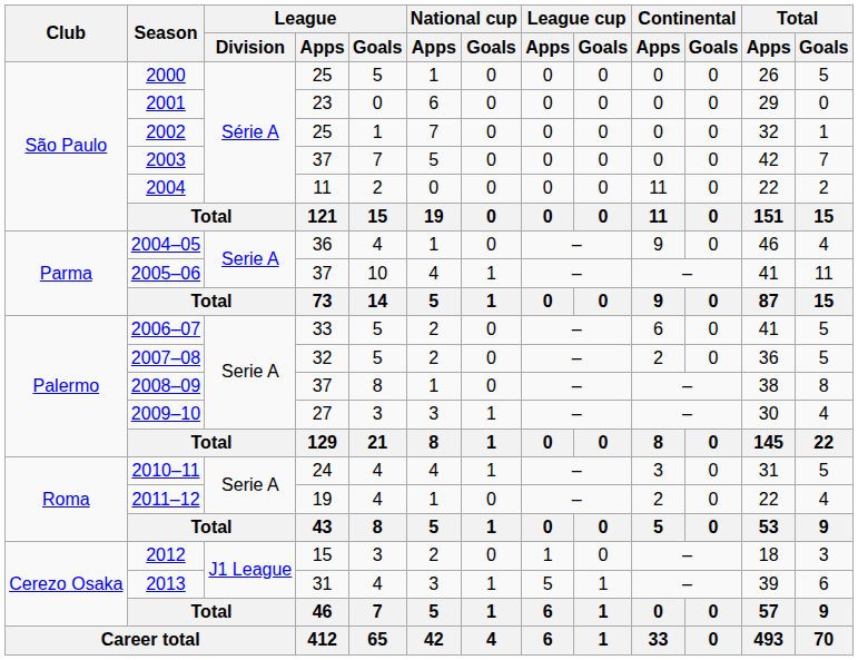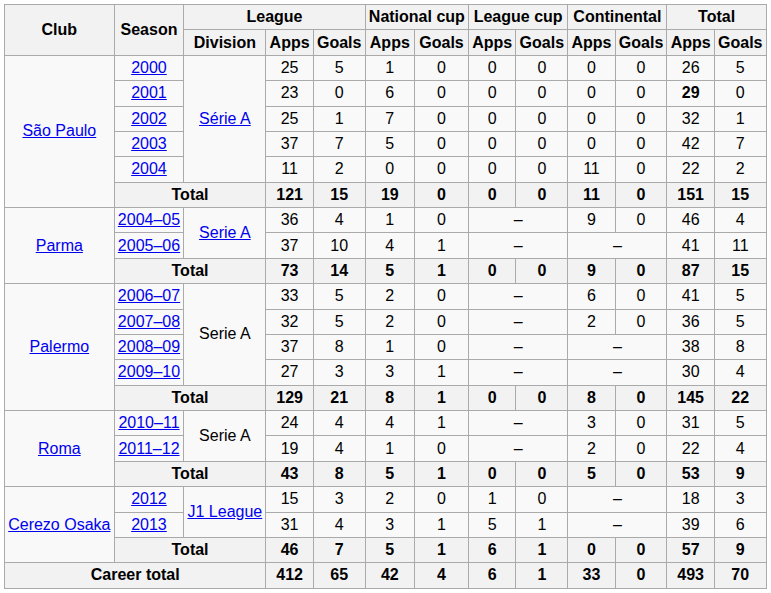 <table class="wikitable" style="text-align:center">
 <tr>
 <th rowspan="2">Club</th>
 <th rowspan="2">Season</th>
 <th colspan="3">League</th>
 <th colspan="2">National cup</th>
 <th colspan="2">League cup</th>
 <th colspan="2">Continental</th>
 <th colspan="2">Total</th>
 </tr>
 <tr>
 <th>Division</th>
 <th>Apps</th>
 <th>Goals</th>
 <th>Apps</th>
 <th>Goals</th>
 <th>Apps</th>
 <th>Goals</th>
 <th>Apps</th>
 <th>Goals</th>
 <th>Apps</th>
 <th>Goals</th>
 </tr>
 <tr>
 <td rowspan="6"><a href='#'>São Paulo</a></td>
 <td><a href='#'>2000</a></td>
 <td rowspan="5"><a href='#'>Série A</a></td>
 <td>25</td>
 <td>5</td>
 <td>1</td>
 <td>0</td>
 <td>0</td>
 <td>0</td>
 <td>0</td>
 <td>0</td>
 <td>26</td>
 <td>5</td>
 </tr>
 <tr>
 <td><a href='#'>2001</a></td>
 <td>23</td>
 <td>0</td>
 <td>6</td>
 <td>0</td>
 <td>0</td>
 <td>0</td>
 <td>0</td>
 <td>0</td>
-<td>29</td>
+<td><strong>29</strong></td>
 <td>0</td>
 </tr>
 <tr>
 <td><a href='#'>2002</a></td>
 <td>25</td>
 <td>1</td>
 <td>7</td>
 <td>0</td>
 <td>0</td>
 <td>0</td>
 <td>0</td>
 <td>0</td>
 <td>32</td>
 <td>1</td>
 </tr>
 <tr>
 <td><a href='#'>2003</a></td>
 <td>37</td>
 <td>7</td>
 <td>5</td>
 <td>0</td>
 <td>0</td>
 <td>0</td>
 <td>0</td>
 <td>0</td>
 <td>42</td>
 <td>7</td>
 </tr>
 <tr>
 <td><a href='#'>2004</a></td>
 <td>11</td>
 <td>2</td>
 <td>0</td>
 <td>0</td>
 <td>0</td>
 <td>0</td>
 <td>11</td>
 <td>0</td>
 <td>22</td>
 <td>2</td>
 </tr>
 <tr>
 <th colspan="2">Total</th>
 <th>121</th>
 <th>15</th>
 <th>19</th>
 <th>0</th>
 <th>0</th>
 <th>0</th>
 <th>11</th>
 <th>0</th>
 <th>151</th>
 <th>15</th>
 </tr>
 <tr>
 <td rowspan="3"><a href='#'>Parma</a></td>
 <td><a href='#'>2004–05</a></td>
 <td rowspan="2"><a href='#'>Serie A</a></td>
 <td>36</td>
 <td>4</td>
 <td>1</td>
 <td>0</td>
 <td colspan="2">–</td>
 <td>9</td>
 <td>0</td>
 <td>46</td>
 <td>4</td>
 </tr>
 <tr>
 <td><a href='#'>2005–06</a></td>
 <td>37</td>
 <td>10</td>
 <td>4</td>
 <td>1</td>
 <td colspan="2">–</td>
 <td colspan="2">–</td>
 <td>41</td>
 <td>11</td>
 </tr>
 <tr>
 <th colspan="2">Total</th>
 <th>73</th>
 <th>14</th>
 <th>5</th>
 <th>1</th>
 <th>0</th>
 <th>0</th>
 <th>9</th>
 <th>0</th>
 <th>87</th>
 <th>15</th>
 </tr>
 <tr>
 <td rowspan="5"><a href='#'>Palermo</a></td>
 <td><a href='#'>2006–07</a></td>
 <td rowspan="4">Serie A</td>
 <td>33</td>
 <td>5</td>
 <td>2</td>
 <td>0</td>
 <td colspan="2">–</td>
 <td>6</td>
 <td>0</td>
 <td>41</td>
 <td>5</td>
 </tr>
 <tr>
 <td><a href='#'>2007–08</a></td>
 <td>32</td>
 <td>5</td>
 <td>2</td>
 <td>0</td>
 <td colspan="2">–</td>
 <td>2</td>
 <td>0</td>
 <td>36</td>
 <td>5</td>
 </tr>
 <tr>
 <td><a href='#'>2008–09</a></td>
 <td>37</td>
 <td>8</td>
 <td>1</td>
 <td>0</td>
 <td colspan="2">–</td>
 <td colspan="2">–</td>
 <td>38</td>
 <td>8</td>
 </tr>
 <tr>
 <td><a href='#'>2009–10</a></td>
 <td>27</td>
 <td>3</td>
 <td>3</td>
 <td>1</td>
 <td colspan="2">–</td>
 <td colspan="2">–</td>
 <td>30</td>
 <td>4</td>
 </tr>
 <tr>
 <th colspan="2">Total</th>
 <th>129</th>
 <th>21</th>
 <th>8</th>
 <th>1</th>
 <th>0</th>
 <th>0</th>
 <th>8</th>
 <th>0</th>
 <th>145</th>
 <th>22</th>
 </tr>
 <tr>
 <td rowspan="3"><a href='#'>Roma</a></td>
 <td><a href='#'>2010–11</a></td>
 <td rowspan="2">Serie A</td>
 <td>24</td>
 <td>4</td>
 <td>4</td>
 <td>1</td>
 <td colspan="2">–</td>
 <td>3</td>
 <td>0</td>
 <td>31</td>
 <td>5</td>
 </tr>
 <tr>
 <td><a href='#'>2011–12</a></td>
 <td>19</td>
 <td>4</td>
 <td>1</td>
 <td>0</td>
 <td colspan="2">–</td>
 <td>2</td>
 <td>0</td>
 <td>22</td>
 <td>4</td>
 </tr>
 <tr>
 <th colspan="2">Total</th>
 <th>43</th>
 <th>8</th>
 <th>5</th>
 <th>1</th>
 <th>0</th>
 <th>0</th>
 <th>5</th>
 <th>0</th>
 <th>53</th>
 <th>9</th>
 </tr>
 <tr>
 <td rowspan="3"><a href='#'>Cerezo Osaka</a></td>
 <td><a href='#'>2012</a></td>
 <td rowspan="2"><a href='#'>J1 League</a></td>
 <td>15</td>
 <td>3</td>
 <td>2</td>
 <td>0</td>
 <td>1</td>
 <td>0</td>
 <td colspan="2">–</td>
 <td>18</td>
 <td>3</td>
 </tr>
 <tr>
 <td><a href='#'>2013</a></td>
 <td>31</td>
 <td>4</td>
 <td>3</td>
 <td>1</td>
 <td>5</td>
 <td>1</td>
 <td colspan="2">–</td>
 <td>39</td>
 <td>6</td>
 </tr>
 <tr>
 <th colspan="2">Total</th>
 <th>46</th>
 <th>7</th>
 <th>5</th>
 <th>1</th>
 <th>6</th>
 <th>1</th>
 <th>0</th>
 <th>0</th>
 <th>57</th>
 <th>9</th>
 </tr>
 <tr>
 <th colspan="3">Career total</th>
 <th>412</th>
 <th>65</th>
 <th>42</th>
 <th>4</th>
 <th>6</th>
 <th>1</th>
 <th>33</th>
 <th>0</th>
 <th>493</th>
 <th>70</th>
 </tr>
 </table>
